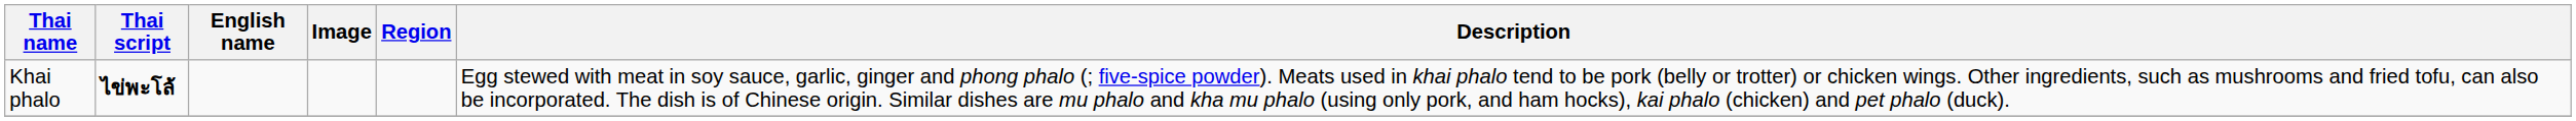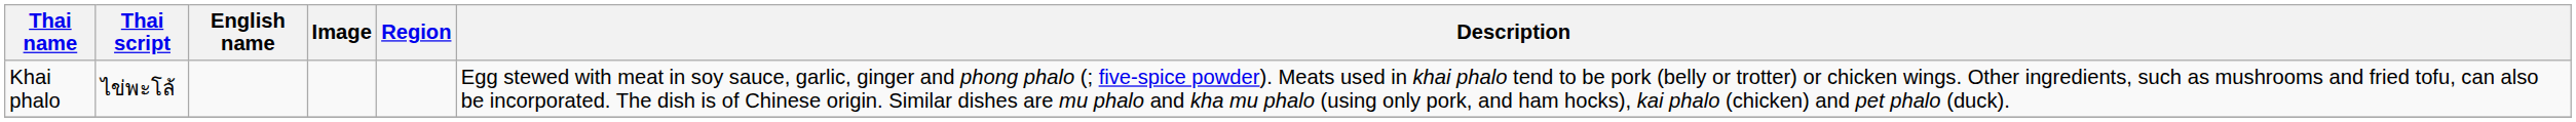 <table class="wikitable sortable" style="width:100%;">
 <tr>
 <th><a href='#'>Thai name</a></th>
 <th><a href='#'>Thai script</a></th>
 <th>English name</th>
 <th>Image</th>
 <th><a href='#'>Region</a></th>
 <th>Description</th>
 </tr>
 <tr>
 <td>Khai phalo</td>
-<td><strong>ไข่พะโล้</strong></td>
+<td>ไข่พะโล้</td>
 <td></td>
 <td></td>
 <td></td>
 <td>Egg stewed with meat in soy sauce, garlic, ginger and <em>phong phalo</em> (; <a href='#'>five-spice powder</a>). Meats used in <em>khai phalo</em> tend to be pork (belly or trotter) or chicken wings. Other ingredients, such as mushrooms and fried tofu, can also be incorporated. The dish is of Chinese origin. Similar dishes are <em>mu phalo</em> and <em>kha mu phalo</em> (using only pork, and ham hocks), <em>kai phalo</em> (chicken) and <em>pet phalo</em> (duck).</td>
 </tr>
 <tr>
 </tr>
 </table>
